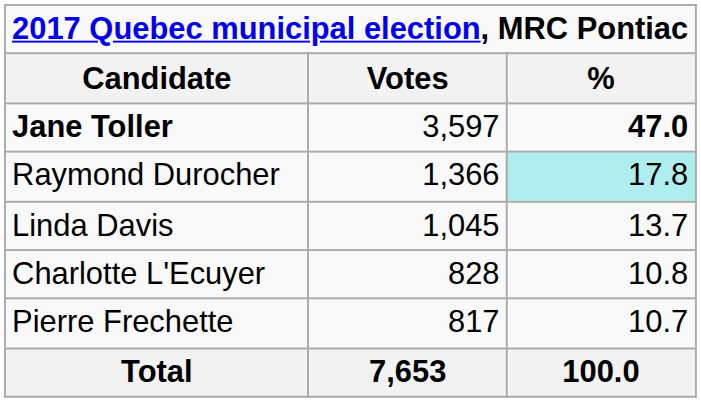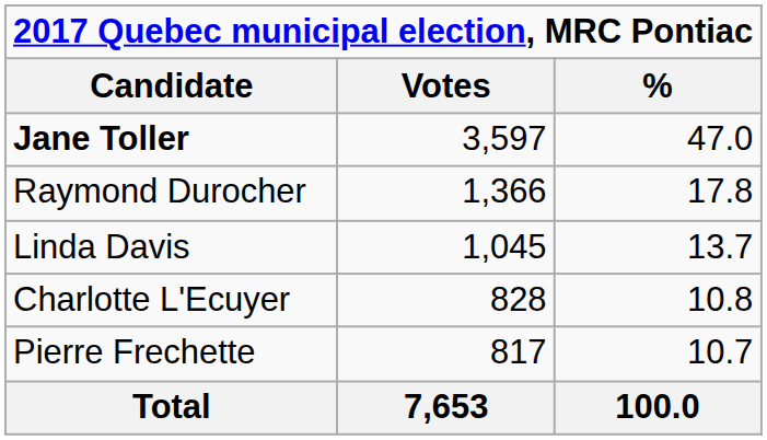 <table class="wikitable">
 <tr>
 <td Colspan="3" align="center"><strong><a href='#'>2017 Quebec municipal election</a>, MRC Pontiac</strong></td>
 </tr>
 <tr>
 <th width="150" bgcolor="#ddddff">Candidate</th>
 <th bgcolor="#ddddff">Votes</th>
 <th bgcolor="#ddddff">%</th>
 </tr>
 <tr>
 <td><strong>Jane Toller</strong></td>
 <td align=right>3,597</td>
-<td align=right><strong>47.0</strong></td>
+<td align=right>47.0</td>
 </tr>
 <tr>
 <td>Raymond Durocher</td>
 <td align=right>1,366</td>
-<td align=right style="background: paleturquoise;">17.8</td>
+<td align=right>17.8</td>
 </tr>
 <tr>
 <td>Linda Davis</td>
 <td align=right>1,045</td>
 <td align=right>13.7</td>
 </tr>
 <tr>
 <td>Charlotte L'Ecuyer</td>
 <td align=right>828</td>
 <td align=right>10.8</td>
 </tr>
 <tr>
 <td>Pierre Frechette</td>
 <td align=right>817</td>
 <td align=right>10.7</td>
 </tr>
 <tr>
 <th>Total</th>
 <th align=right>7,653</th>
 <th align=right>100.0</th>
 </tr>
 </table>
